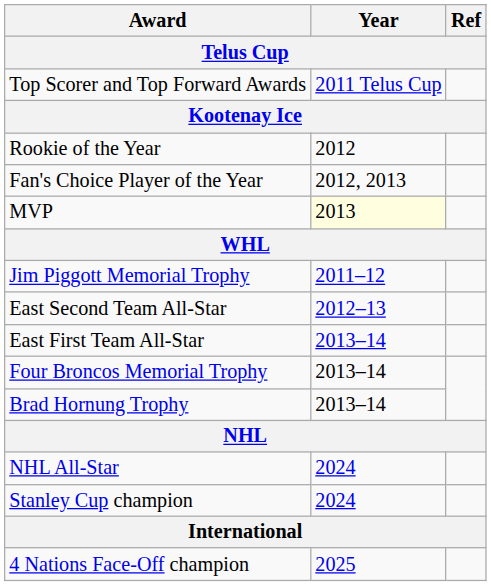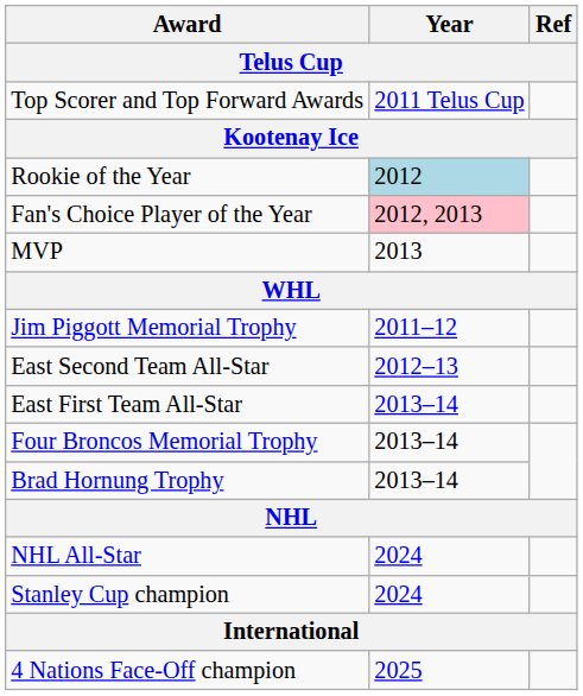 <table class="wikitable">
 <tr>
 <th>Award</th>
 <th>Year</th>
 <th>Ref</th>
 </tr>
 <tr>
 <th colspan="3"><a href='#'>Telus Cup</a></th>
 </tr>
 <tr>
 <td>Top Scorer and Top Forward Awards</td>
 <td><a href='#'>2011 Telus Cup</a></td>
 <td></td>
 </tr>
 <tr>
 <th colspan="3"><a href='#'>Kootenay Ice</a></th>
 </tr>
 <tr>
 <td>Rookie of the Year</td>
-<td>2012</td>
+<td style="background: lightblue;">2012</td>
 <td></td>
 </tr>
 <tr>
 <td>Fan's Choice Player of the Year</td>
-<td>2012, 2013</td>
+<td style="background: pink;">2012, 2013</td>
 <td></td>
 </tr>
 <tr>
 <td>MVP</td>
-<td style="background: lightyellow;">2013</td>
+<td>2013</td>
 <td></td>
 </tr>
 <tr>
 <th colspan="3"><a href='#'>WHL</a></th>
 </tr>
 <tr>
 <td><a href='#'>Jim Piggott Memorial Trophy</a></td>
 <td><a href='#'>2011–12</a></td>
 <td></td>
 </tr>
 <tr>
 <td>East Second Team All-Star</td>
 <td><a href='#'>2012–13</a></td>
 <td></td>
 </tr>
 <tr>
 <td>East First Team All-Star</td>
 <td><a href='#'>2013–14</a></td>
 <td></td>
 </tr>
 <tr>
 <td><a href='#'>Four Broncos Memorial Trophy</a></td>
 <td>2013–14</td>
 <td rowspan="2"></td>
 </tr>
 <tr>
 <td><a href='#'>Brad Hornung Trophy</a></td>
 <td>2013–14</td>
 </tr>
 <tr>
 <th colspan="3"><a href='#'>NHL</a></th>
 </tr>
 <tr>
 <td><a href='#'>NHL All-Star</a></td>
 <td><a href='#'>2024</a></td>
 <td></td>
 </tr>
 <tr>
 <td><a href='#'>Stanley Cup</a> champion</td>
 <td><a href='#'>2024</a></td>
 <td></td>
 </tr>
 <tr>
 <th colspan="3">International</th>
 </tr>
 <tr>
 <td><a href='#'>4 Nations Face-Off</a> champion</td>
 <td><a href='#'>2025</a></td>
 <td></td>
 </tr>
 </table>
